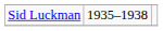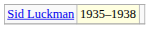 <table class="wikitable">
 <tr>
 </tr>
 <tr>
 <td><a href='#'>Sid Luckman</a></td>
-<td>1935–1938</td>
+<td style="background: lightyellow;">1935–1938</td>
 <td></td>
 </tr>
 <tr>
 </tr>
 </table>
